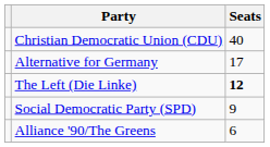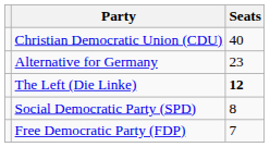 <table class="wikitable">
 <tr>
 <th></th>
 <th>Party</th>
 <th>Seats</th>
 </tr>
 <tr>
 <td style="background-color:"></td>
 <td><a href='#'>Christian Democratic Union (CDU)</a></td>
 <td>40</td>
 </tr>
 <tr>
 <td style="background-color:"></td>
 <td><a href='#'>Alternative for Germany</a></td>
-<td>17</td>
+<td>23</td>
 </tr>
 <tr>
 <td style="background-color:"></td>
 <td><a href='#'>The Left (Die Linke)</a></td>
 <td><strong>12</strong></td>
 </tr>
 <tr>
 <td style="background-color:"></td>
 <td><a href='#'>Social Democratic Party (SPD)</a></td>
-<td>9</td>
+<td>8</td>
 </tr>
 <tr>
 <td style="background-color:"></td>
-<td><a href='#'>Alliance '90/The Greens</a></td>
-<td>6</td>
+<td><a href='#'>Free Democratic Party (FDP)</a></td>
+<td>7</td>
 </tr>
 </table>
